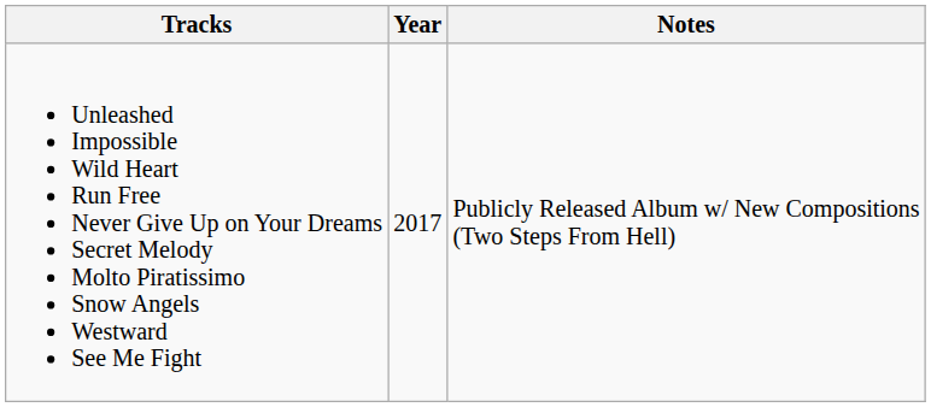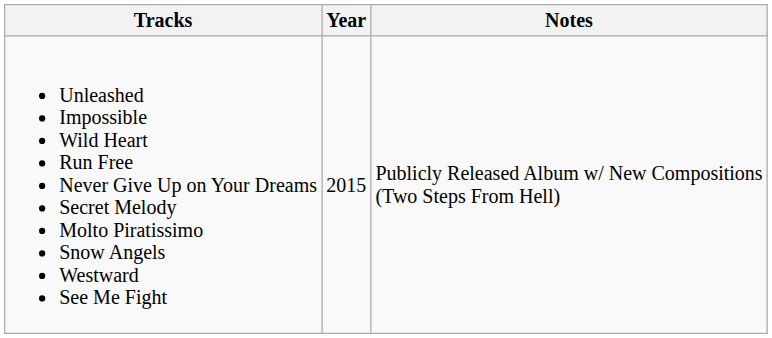 <table class="wikitable sortable">
 <tr>
 <th>Tracks</th>
 <th>Year</th>
 <th>Notes</th>
 </tr>
 <tr>
 <td><br><ul><li>Unleashed</li><li>Impossible</li><li>Wild Heart</li><li>Run Free</li><li>Never Give Up on Your Dreams</li><li>Secret Melody</li><li>Molto Piratissimo</li><li>Snow Angels</li><li>Westward</li><li>See Me Fight</li></ul></td>
-<td>2017</td>
+<td>2015</td>
 <td>Publicly Released Album w/ New Compositions<br>(Two Steps From Hell)</td>
 </tr>
 </table>
